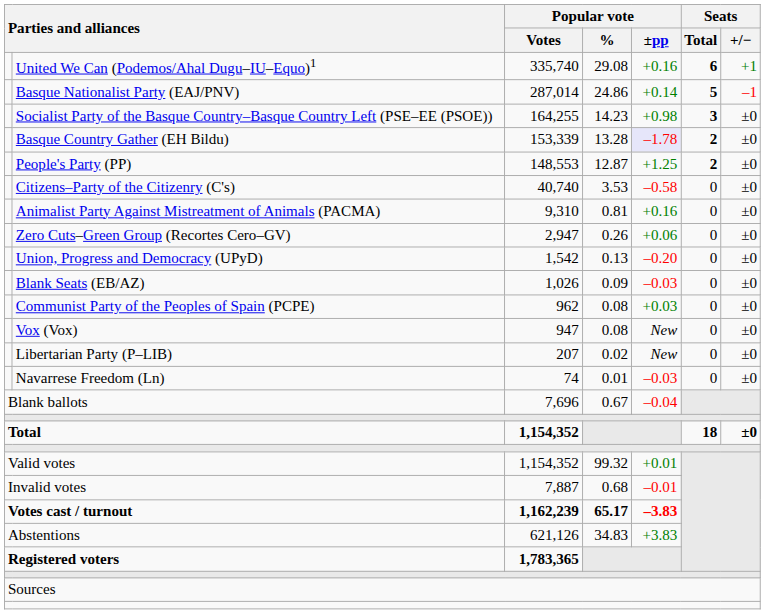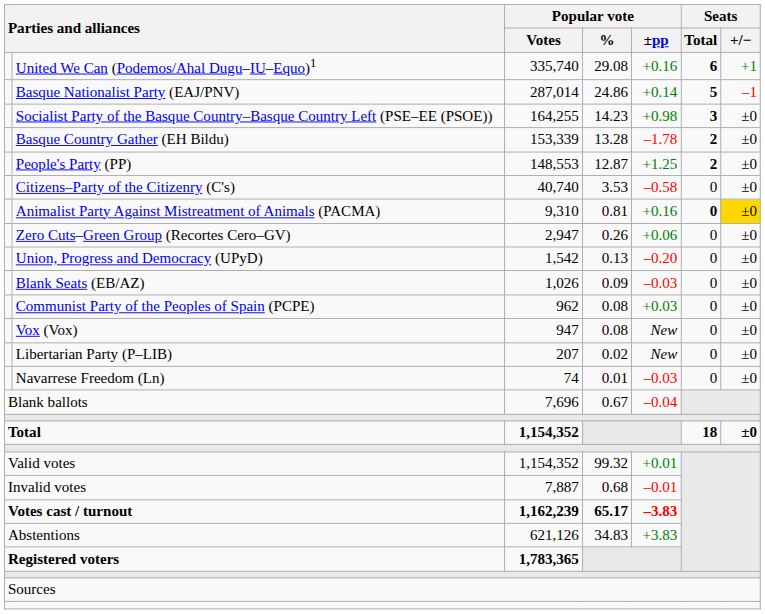 <table class="wikitable" style="text-align:right;">
 <tr>
 <th style="text-align:left;" rowspan="2" colspan="2" width="525">Parties and alliances</th>
 <th colspan="3">Popular vote</th>
 <th colspan="2">Seats</th>
 </tr>
 <tr>
 <th width="75">Votes</th>
 <th width="45">%</th>
 <th width="45">±<a href='#'>pp</a></th>
 <th width="35">Total</th>
 <th width="35">+/−</th>
 </tr>
 <tr>
 <td width="1" style="color:inherit;background:"></td>
 <td align="left"><a href='#'>United We Can</a> (<a href='#'>Podemos/Ahal Dugu</a>–<a href='#'>IU</a>–<a href='#'>Equo</a>)<sup>1</sup></td>
 <td>335,740</td>
 <td>29.08</td>
 <td style="color:green;">+0.16</td>
 <td><strong>6</strong></td>
 <td style="color:green;">+1</td>
 </tr>
 <tr>
 <td style="color:inherit;background:"></td>
 <td align="left"><a href='#'>Basque Nationalist Party</a> (EAJ/PNV)</td>
 <td>287,014</td>
 <td>24.86</td>
 <td style="color:green;">+0.14</td>
 <td><strong>5</strong></td>
 <td style="color:red;">–1</td>
 </tr>
 <tr>
 <td style="color:inherit;background:"></td>
 <td align="left"><a href='#'>Socialist Party of the Basque Country–Basque Country Left</a> (PSE–EE (PSOE))</td>
 <td>164,255</td>
 <td>14.23</td>
 <td style="color:green;">+0.98</td>
 <td><strong>3</strong></td>
 <td>±0</td>
 </tr>
 <tr>
 <td style="color:inherit;background:"></td>
 <td align="left"><a href='#'>Basque Country Gather</a> (EH Bildu)</td>
 <td>153,339</td>
 <td>13.28</td>
-<td style="background: lavender; color:red;">–1.78</td>
+<td style="color:red;">–1.78</td>
 <td><strong>2</strong></td>
 <td>±0</td>
 </tr>
 <tr>
 <td style="color:inherit;background:"></td>
 <td align="left"><a href='#'>People's Party</a> (PP)</td>
 <td>148,553</td>
 <td>12.87</td>
 <td style="color:green;">+1.25</td>
 <td><strong>2</strong></td>
 <td>±0</td>
 </tr>
 <tr>
 <td style="color:inherit;background:"></td>
 <td align="left"><a href='#'>Citizens–Party of the Citizenry</a> (C's)</td>
 <td>40,740</td>
 <td>3.53</td>
 <td style="color:red;">–0.58</td>
 <td>0</td>
 <td>±0</td>
 </tr>
 <tr>
 <td style="color:inherit;background:"></td>
 <td align="left"><a href='#'>Animalist Party Against Mistreatment of Animals</a> (PACMA)</td>
 <td>9,310</td>
 <td>0.81</td>
 <td style="color:green;">+0.16</td>
-<td>0</td>
-<td>±0</td>
+<td><strong>0</strong></td>
+<td style="background: gold;">±0</td>
 </tr>
 <tr>
 <td style="color:inherit;background:"></td>
 <td align="left"><a href='#'>Zero Cuts</a>–<a href='#'>Green Group</a> (Recortes Cero–GV)</td>
 <td>2,947</td>
 <td>0.26</td>
 <td style="color:green;">+0.06</td>
 <td>0</td>
 <td>±0</td>
 </tr>
 <tr>
 <td style="color:inherit;background:"></td>
 <td align="left"><a href='#'>Union, Progress and Democracy</a> (UPyD)</td>
 <td>1,542</td>
 <td>0.13</td>
 <td style="color:red;">–0.20</td>
 <td>0</td>
 <td>±0</td>
 </tr>
 <tr>
 <td style="color:inherit;background:"></td>
 <td align="left"><a href='#'>Blank Seats</a> (EB/AZ)</td>
 <td>1,026</td>
 <td>0.09</td>
 <td style="color:red;">–0.03</td>
 <td>0</td>
 <td>±0</td>
 </tr>
 <tr>
 <td style="color:inherit;background:"></td>
 <td align="left"><a href='#'>Communist Party of the Peoples of Spain</a> (PCPE)</td>
 <td>962</td>
 <td>0.08</td>
 <td style="color:green;">+0.03</td>
 <td>0</td>
 <td>±0</td>
 </tr>
 <tr>
 <td style="color:inherit;background:"></td>
 <td align="left"><a href='#'>Vox</a> (Vox)</td>
 <td>947</td>
 <td>0.08</td>
 <td><em>New</em></td>
 <td>0</td>
 <td>±0</td>
 </tr>
 <tr>
 <td style="color:inherit;background:"></td>
 <td align="left">Libertarian Party (P–LIB)</td>
 <td>207</td>
 <td>0.02</td>
 <td><em>New</em></td>
 <td>0</td>
 <td>±0</td>
 </tr>
 <tr>
 <td style="color:inherit;background:"></td>
 <td align="left">Navarrese Freedom (Ln)</td>
 <td>74</td>
 <td>0.01</td>
 <td style="color:red;">–0.03</td>
 <td>0</td>
 <td>±0</td>
 </tr>
 <tr>
 <td align="left" colspan="2">Blank ballots</td>
 <td>7,696</td>
 <td>0.67</td>
 <td style="color:red;">–0.04</td>
 <td bgcolor="#E9E9E9" colspan="2"></td>
 </tr>
 <tr>
 <td colspan="7" bgcolor="#E9E9E9"></td>
 </tr>
 <tr style="font-weight:bold;">
 <td align="left" colspan="2">Total</td>
 <td>1,154,352</td>
 <td bgcolor="#E9E9E9" colspan="2"></td>
 <td>18</td>
 <td>±0</td>
 </tr>
 <tr>
 <td colspan="7" bgcolor="#E9E9E9"></td>
 </tr>
 <tr>
 <td align="left" colspan="2">Valid votes</td>
 <td>1,154,352</td>
 <td>99.32</td>
 <td style="color:green;">+0.01</td>
 <td bgcolor="#E9E9E9" colspan="2" rowspan="5"></td>
 </tr>
 <tr>
 <td align="left" colspan="2">Invalid votes</td>
 <td>7,887</td>
 <td>0.68</td>
 <td style="color:red;">–0.01</td>
 </tr>
 <tr style="font-weight:bold;">
 <td align="left" colspan="2">Votes cast / turnout</td>
 <td>1,162,239</td>
 <td>65.17</td>
 <td style="color:red;">–3.83</td>
 </tr>
 <tr>
 <td align="left" colspan="2">Abstentions</td>
 <td>621,126</td>
 <td>34.83</td>
 <td style="color:green;">+3.83</td>
 </tr>
 <tr style="font-weight:bold;">
 <td align="left" colspan="2">Registered voters</td>
 <td>1,783,365</td>
 <td bgcolor="#E9E9E9" colspan="2"></td>
 </tr>
 <tr>
 <td colspan="7" bgcolor="#E9E9E9"></td>
 </tr>
 <tr>
 <td align="left" colspan="7">Sources</td>
 </tr>
 <tr>
 <td colspan="7" style="text-align:left; max-width:790px;"></td>
 </tr>
 </table>
